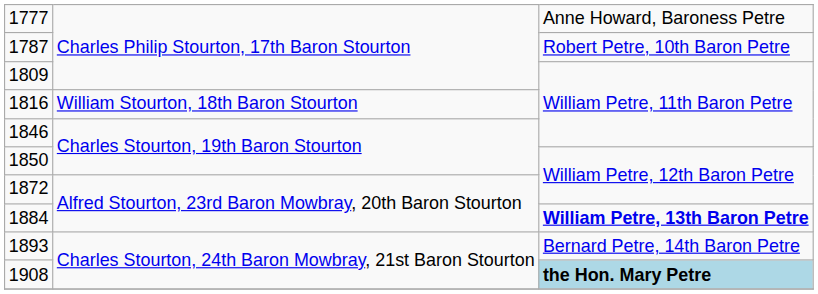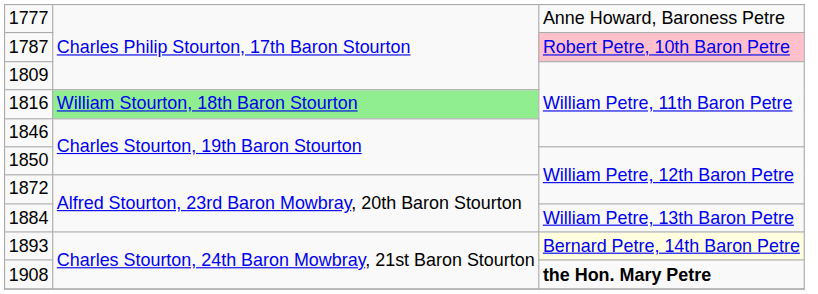 <table class="wikitable">
 <tr>
 <td>1777</td>
 <td rowspan=3><a href='#'>Charles Philip Stourton, 17th Baron Stourton</a></td>
 <td>Anne Howard, Baroness Petre</td>
 </tr>
 <tr>
 <td>1787</td>
-<td><a href='#'>Robert Petre, 10th Baron Petre</a></td>
+<td style="background: pink;"><a href='#'>Robert Petre, 10th Baron Petre</a></td>
 </tr>
 <tr>
 <td>1809</td>
 <td rowspan=3><a href='#'>William Petre, 11th Baron Petre</a></td>
 </tr>
 <tr>
 <td>1816</td>
-<td><a href='#'>William Stourton, 18th Baron Stourton</a></td>
+<td style="background: lightgreen;"><a href='#'>William Stourton, 18th Baron Stourton</a></td>
 </tr>
 <tr>
 <td>1846</td>
 <td rowspan=2><a href='#'>Charles Stourton, 19th Baron Stourton</a></td>
 </tr>
 <tr>
 <td>1850</td>
 <td rowspan=2><a href='#'>William Petre, 12th Baron Petre</a></td>
 </tr>
 <tr>
 <td>1872</td>
 <td rowspan=2><a href='#'>Alfred Stourton, 23rd Baron Mowbray</a>, 20th Baron Stourton</td>
 </tr>
 <tr>
 <td>1884</td>
-<td><strong><a href='#'>William Petre, 13th Baron Petre</a></strong></td>
+<td><a href='#'>William Petre, 13th Baron Petre</a></td>
 </tr>
 <tr>
 <td>1893</td>
 <td rowspan=2><a href='#'>Charles Stourton, 24th Baron Mowbray</a>, 21st Baron Stourton</td>
-<td><a href='#'>Bernard Petre, 14th Baron Petre</a></td>
+<td style="background: lightyellow;"><a href='#'>Bernard Petre, 14th Baron Petre</a></td>
 </tr>
 <tr>
 <td>1908</td>
-<td style="background: lightblue;"><strong>the Hon. Mary Petre</strong></td>
+<td><strong>the Hon. Mary Petre</strong></td>
 </tr>
 <tr>
 </tr>
 </table>
